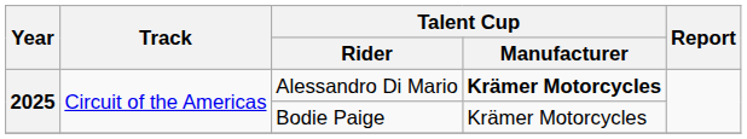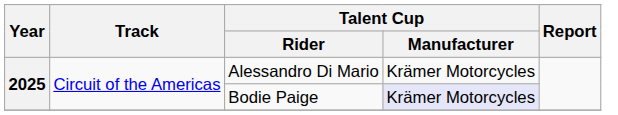 <table class="wikitable" style="font-size: 95%;">
 <tr>
 <th rowspan=2>Year</th>
 <th rowspan=2>Track</th>
 <th colspan=2>Talent Cup</th>
 <th rowspan=2>Report</th>
 </tr>
 <tr>
 <th>Rider</th>
 <th>Manufacturer</th>
 </tr>
 <tr>
 <th rowspan=2>2025</th>
 <td Rowspan=2><a href='#'>Circuit of the Americas</a></td>
 <td> Alessandro Di Mario</td>
-<td><strong>Krämer Motorcycles</strong></td>
+<td>Krämer Motorcycles</td>
 <td rowspan="2"><br></td>
 </tr>
 <tr>
 <td> Bodie Paige</td>
-<td>Krämer Motorcycles</td>
+<td style="background: lavender;">Krämer Motorcycles</td>
 </tr>
 <tr>
 </tr>
 </table>
